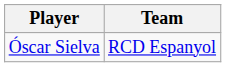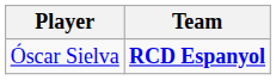 <table class="wikitable">
 <tr>
 <th>Player</th>
 <th>Team</th>
 </tr>
 <tr>
 <td> <a href='#'>Óscar Sielva</a></td>
-<td> <a href='#'>RCD Espanyol</a></td>
+<td><strong> <a href='#'>RCD Espanyol</a></strong></td>
 </tr>
 </table>
